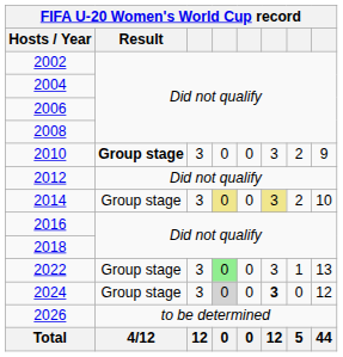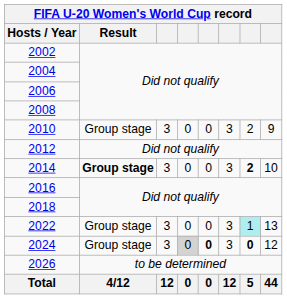 <table class="wikitable" style="text-align: center;">
 <tr>
 <th colspan=9><a href='#'>FIFA U-20 Women's World Cup</a> record</th>
 </tr>
 <tr>
 <th>Hosts / Year</th>
 <th>Result</th>
 <th width=20></th>
 <th width=20></th>
 <th width=20></th>
 <th width=20></th>
 <th width=20></th>
 <th width=20></th>
 </tr>
 <tr>
 <td> <a href='#'>2002</a></td>
 <td colspan=7 rowspan=4><em>Did not qualify</em></td>
 </tr>
 <tr>
 <td> <a href='#'>2004</a></td>
 </tr>
 <tr>
 <td> <a href='#'>2006</a></td>
 </tr>
 <tr>
 <td> <a href='#'>2008</a></td>
 </tr>
 <tr>
 <td> <a href='#'>2010</a></td>
-<td><strong>Group stage</strong></td>
+<td>Group stage</td>
 <td>3</td>
 <td>0</td>
 <td>0</td>
 <td>3</td>
 <td>2</td>
 <td>9</td>
 </tr>
 <tr>
 <td> <a href='#'>2012</a></td>
 <td colspan=7><em>Did not qualify</em></td>
 </tr>
 <tr>
 <td> <a href='#'>2014</a></td>
-<td>Group stage</td>
+<td><strong>Group stage</strong></td>
 <td>3</td>
-<td style="background: khaki;">0</td>
 <td>0</td>
-<td style="background: khaki;">3</td>
-<td>2</td>
+<td>0</td>
+<td>3</td>
+<td><strong>2</strong></td>
 <td>10</td>
 </tr>
 <tr>
 <td> <a href='#'>2016</a></td>
 <td colspan=7 rowspan=2><em>Did not qualify</em></td>
 </tr>
 <tr>
 <td> <a href='#'>2018</a></td>
 </tr>
 <tr>
 <td> <a href='#'>2022</a></td>
 <td>Group stage</td>
 <td>3</td>
-<td style="background: lightgreen;">0</td>
+<td>0</td>
 <td>0</td>
 <td>3</td>
-<td>1</td>
+<td style="background: paleturquoise;">1</td>
 <td>13</td>
 </tr>
 <tr>
 <td> <a href='#'>2024</a></td>
 <td>Group stage</td>
 <td>3</td>
 <td style="background: lightgrey;">0</td>
-<td>0</td>
-<td><strong>3</strong></td>
-<td>0</td>
+<td><strong>0</strong></td>
+<td>3</td>
+<td><strong>0</strong></td>
 <td>12</td>
 </tr>
 <tr>
 <td> <a href='#'>2026</a></td>
 <td colspan=7><em>to be determined</em></td>
 </tr>
 <tr>
 <th>Total</th>
 <th>4/12</th>
 <th>12</th>
 <th>0</th>
 <th>0</th>
 <th>12</th>
 <th>5</th>
 <th>44</th>
 </tr>
 </table>
